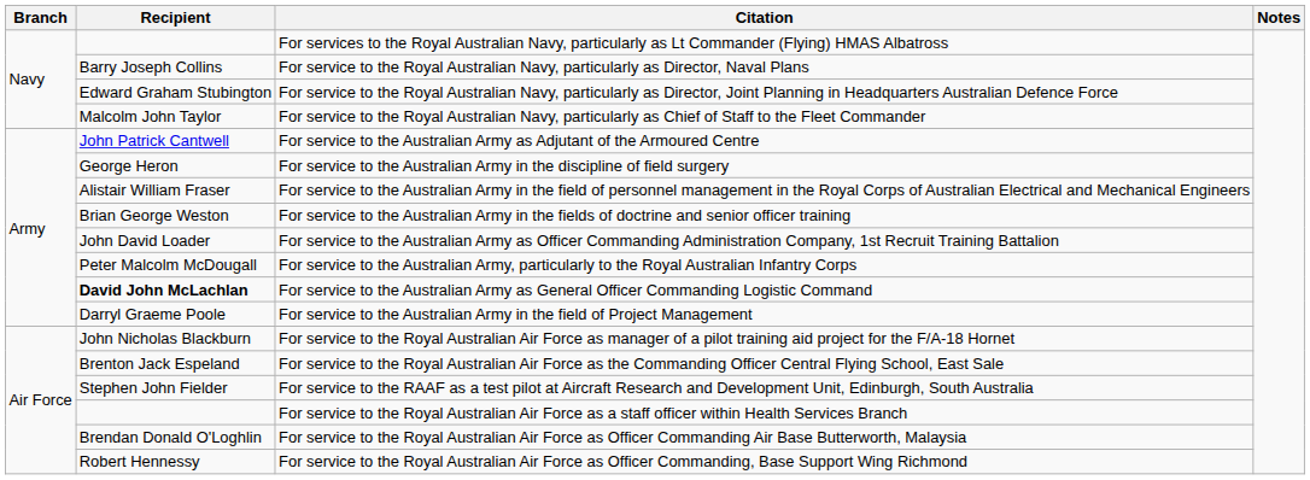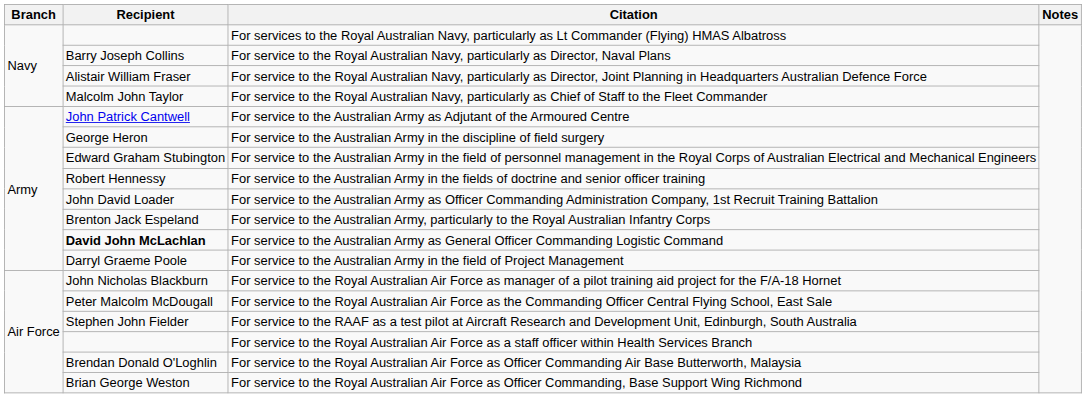 <table class="wikitable" style="font-size:95%;">
 <tr>
 <th>Branch</th>
 <th>Recipient</th>
 <th>Citation</th>
 <th>Notes</th>
 </tr>
 <tr>
 <td rowspan=4>Navy</td>
 <td></td>
 <td>For services to the Royal Australian Navy, particularly as Lt Commander (Flying) HMAS Albatross</td>
 <td rowspan=25></td>
 </tr>
 <tr>
 <td> Barry Joseph Collins</td>
 <td>For service to the Royal Australian Navy, particularly as Director, Naval Plans</td>
 </tr>
 <tr>
-<td> Edward Graham Stubington</td>
+<td> Alistair William Fraser</td>
 <td>For service to the Royal Australian Navy, particularly as Director, Joint Planning in Headquarters Australian Defence Force</td>
 </tr>
 <tr>
 <td> Malcolm John Taylor</td>
 <td>For service to the Royal Australian Navy, particularly as Chief of Staff to the Fleet Commander</td>
 </tr>
 <tr>
 <td rowspan=8>Army</td>
 <td> <a href='#'>John Patrick Cantwell</a></td>
 <td>For service to the Australian Army as Adjutant of the Armoured Centre</td>
 </tr>
 <tr>
 <td> George Heron</td>
 <td>For service to the Australian Army in the discipline of field surgery</td>
 </tr>
 <tr>
-<td> Alistair William Fraser</td>
+<td> Edward Graham Stubington</td>
 <td>For service to the Australian Army in the field of personnel management in the Royal Corps of Australian Electrical and Mechanical Engineers</td>
 </tr>
 <tr>
-<td> Brian George Weston</td>
+<td> Robert Hennessy</td>
 <td>For service to the Australian Army in the fields of doctrine and senior officer training</td>
 </tr>
 <tr>
 <td> John David Loader</td>
 <td>For service to the Australian Army as Officer Commanding Administration Company, 1st Recruit Training Battalion</td>
 </tr>
 <tr>
-<td> Peter Malcolm McDougall</td>
+<td> Brenton Jack Espeland</td>
 <td>For service to the Australian Army, particularly to the Royal Australian Infantry Corps</td>
 </tr>
 <tr>
 <td><strong> David John McLachlan</strong></td>
 <td>For service to the Australian Army as General Officer Commanding Logistic Command</td>
 </tr>
 <tr>
 <td> Darryl Graeme Poole</td>
 <td>For service to the Australian Army in the field of Project Management</td>
 </tr>
 <tr>
 <td rowspan=6>Air Force</td>
 <td> John Nicholas Blackburn</td>
 <td>For service to the Royal Australian Air Force as manager of a pilot training aid project for the F/A-18 Hornet</td>
 </tr>
 <tr>
-<td> Brenton Jack Espeland</td>
+<td> Peter Malcolm McDougall</td>
 <td>For service to the Royal Australian Air Force as the Commanding Officer Central Flying School, East Sale</td>
 </tr>
 <tr>
 <td> Stephen John Fielder</td>
 <td>For service to the RAAF as a test pilot at Aircraft Research and Development Unit, Edinburgh, South Australia</td>
 </tr>
 <tr>
 <td></td>
 <td>For service to the Royal Australian Air Force as a staff officer within Health Services Branch</td>
 </tr>
 <tr>
 <td> Brendan Donald O'Loghlin</td>
 <td>For service to the Royal Australian Air Force as Officer Commanding Air Base Butterworth, Malaysia</td>
 </tr>
 <tr>
-<td> Robert Hennessy</td>
+<td> Brian George Weston</td>
 <td>For service to the Royal Australian Air Force as Officer Commanding, Base Support Wing Richmond</td>
 </tr>
 </table>
